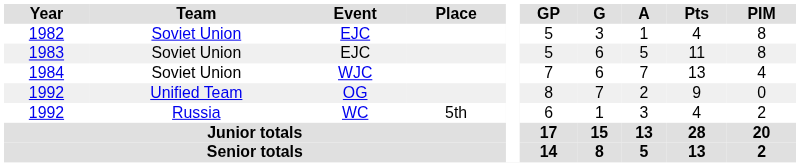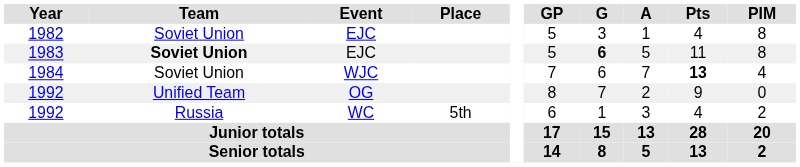 <table border="0" cellpadding="1" cellspacing="0" style="text-align:center; width:50em">
 <tr ALIGN="center" bgcolor="#e0e0e0">
 <th>Year</th>
 <th>Team</th>
 <th>Event</th>
 <th>Place</th>
 <th ALIGN="center" rowspan="99" bgcolor="#ffffff"> </th>
 <th>GP</th>
 <th>G</th>
 <th>A</th>
 <th>Pts</th>
 <th>PIM</th>
 </tr>
 <tr>
 <td><a href='#'>1982</a></td>
 <td><a href='#'>Soviet Union</a></td>
 <td><a href='#'>EJC</a></td>
 <td></td>
 <td>5</td>
 <td>3</td>
 <td>1</td>
 <td>4</td>
 <td>8</td>
 </tr>
 <tr bgcolor="#f0f0f0">
 <td><a href='#'>1983</a></td>
-<td>Soviet Union</td>
+<td><strong>Soviet Union</strong></td>
 <td>EJC</td>
 <td></td>
 <td>5</td>
-<td>6</td>
+<td><strong>6</strong></td>
 <td>5</td>
 <td>11</td>
 <td>8</td>
 </tr>
 <tr>
 <td><a href='#'>1984</a></td>
 <td>Soviet Union</td>
 <td><a href='#'>WJC</a></td>
 <td></td>
 <td>7</td>
 <td>6</td>
 <td>7</td>
-<td>13</td>
+<td><strong>13</strong></td>
 <td>4</td>
 </tr>
 <tr bgcolor="#f0f0f0">
 <td><a href='#'>1992</a></td>
 <td><a href='#'>Unified Team</a></td>
 <td><a href='#'>OG</a></td>
 <td></td>
 <td>8</td>
 <td>7</td>
 <td>2</td>
 <td>9</td>
 <td>0</td>
 </tr>
 <tr>
 <td><a href='#'>1992</a></td>
 <td><a href='#'>Russia</a></td>
 <td><a href='#'>WC</a></td>
 <td>5th</td>
 <td>6</td>
 <td>1</td>
 <td>3</td>
 <td>4</td>
 <td>2</td>
 </tr>
 <tr bgcolor="#e0e0e0">
 <th colspan=4>Junior totals</th>
 <th>17</th>
 <th>15</th>
 <th>13</th>
 <th>28</th>
 <th>20</th>
 </tr>
 <tr bgcolor="#e0e0e0">
 <th colspan=4>Senior totals</th>
 <th>14</th>
 <th>8</th>
 <th>5</th>
 <th>13</th>
 <th>2</th>
 </tr>
 </table>
